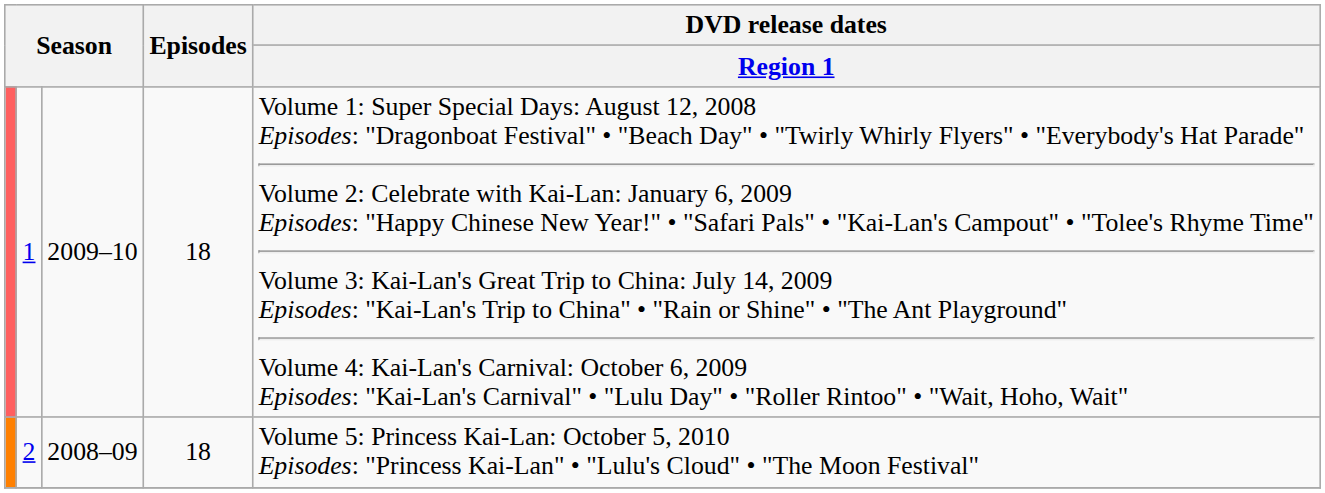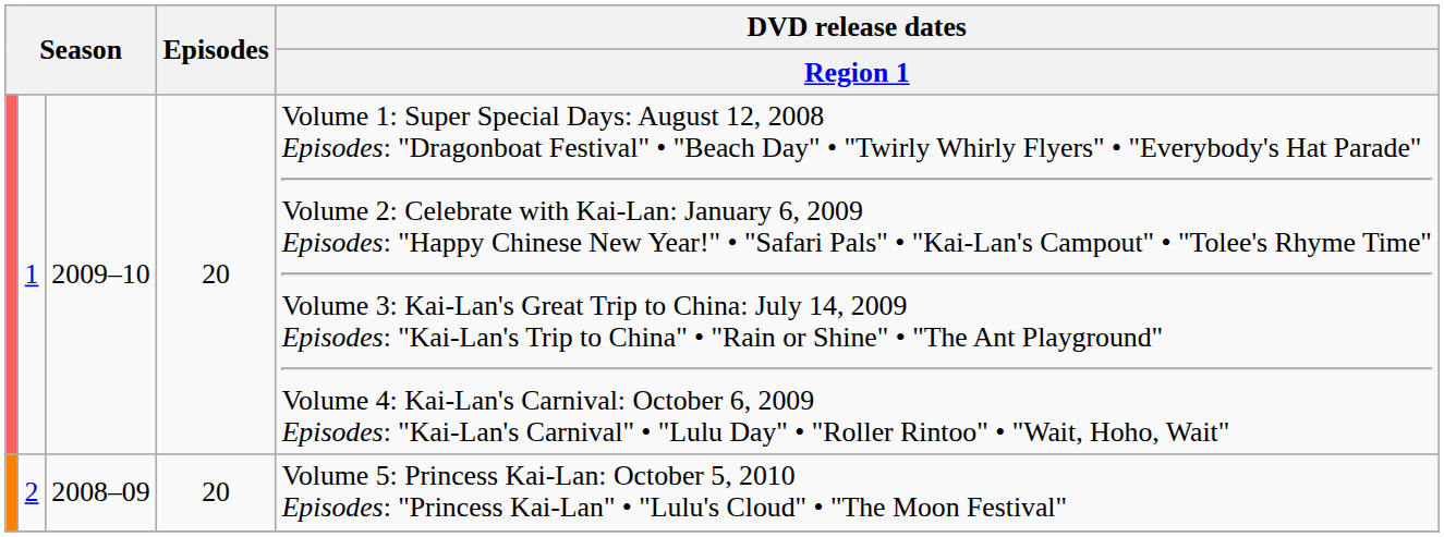 <table class="wikitable">
 <tr>
 <th colspan=3 rowspan=2>Season</th>
 <th rowspan=2>Episodes</th>
 <th>DVD release dates</th>
 </tr>
 <tr>
 <th><a href='#'>Region 1</a></th>
 </tr>
 <tr>
 <th style="background:#FF5F5F"></th>
 <td><a href='#'>1</a></td>
 <td style="text-align: center">2009–10</td>
-<td style="text-align: center">18</td>
+<td style="text-align: center">20</td>
 <td>Volume 1: Super Special Days: August 12, 2008<br><em>Episodes</em>: "Dragonboat Festival" • "Beach Day" • "Twirly Whirly Flyers" • "Everybody's Hat Parade"<hr>Volume 2: Celebrate with Kai-Lan: January 6, 2009<br><em>Episodes</em>: "Happy Chinese New Year!" • "Safari Pals" • "Kai-Lan's Campout" • "Tolee's Rhyme Time"<hr>Volume 3: Kai-Lan's Great Trip to China: July 14, 2009<br><em>Episodes</em>: "Kai-Lan's Trip to China" • "Rain or Shine" • "The Ant Playground"<hr>Volume 4: Kai-Lan's Carnival: October 6, 2009<br><em>Episodes</em>: "Kai-Lan's Carnival" • "Lulu Day" • "Roller Rintoo" • "Wait, Hoho, Wait"</td>
 </tr>
 <tr>
 <th style="background:#FF8000"></th>
 <td><a href='#'>2</a></td>
 <td style="text-align: center">2008–09</td>
-<td style="text-align: center">18</td>
+<td style="text-align: center">20</td>
 <td>Volume 5: Princess Kai-Lan: October 5, 2010<br><em>Episodes</em>: "Princess Kai-Lan" • "Lulu's Cloud" • "The Moon Festival"</td>
 </tr>
 <tr>
 </tr>
 </table>
